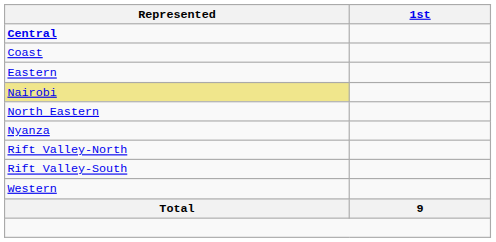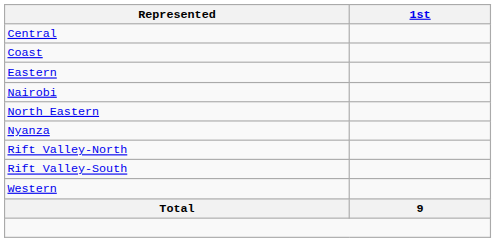 <table class="wikitable sortable" style="font-size: 80%;">
 <tr>
 <th width=300>Represented</th>
 <th width=120><a href='#'>1st</a></th>
 </tr>
 <tr>
-<td><strong><a href='#'>Central</a></strong></td>
+<td><a href='#'>Central</a></td>
 <td></td>
 </tr>
 <tr>
 <td><a href='#'>Coast</a></td>
 <td></td>
 </tr>
 <tr>
 <td><a href='#'>Eastern</a></td>
 <td></td>
 </tr>
 <tr>
-<td style="background: khaki;"><a href='#'>Nairobi</a></td>
+<td><a href='#'>Nairobi</a></td>
 <td></td>
 </tr>
 <tr>
 <td><a href='#'>North Eastern</a></td>
 <td></td>
 </tr>
 <tr>
 <td><a href='#'>Nyanza</a></td>
 <td></td>
 </tr>
 <tr>
 <td><a href='#'>Rift Valley-North</a></td>
 <td></td>
 </tr>
 <tr>
 <td><a href='#'>Rift Valley-South</a></td>
 <td></td>
 </tr>
 <tr>
 <td><a href='#'>Western</a></td>
 <td></td>
 </tr>
 <tr>
 <th>Total</th>
 <th>9</th>
 </tr>
 <tr>
 <td colspan="9" align=left><br></td>
 </tr>
 </table>
